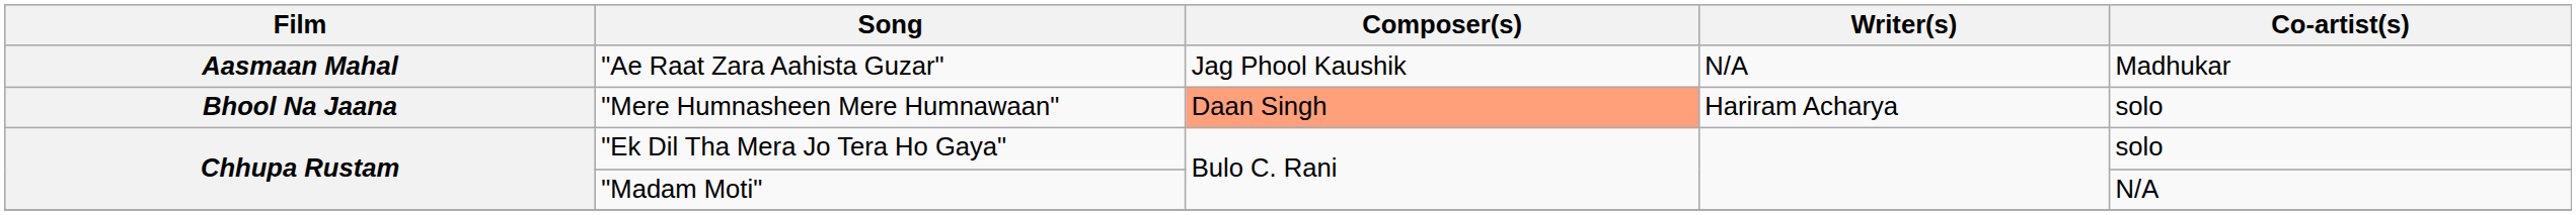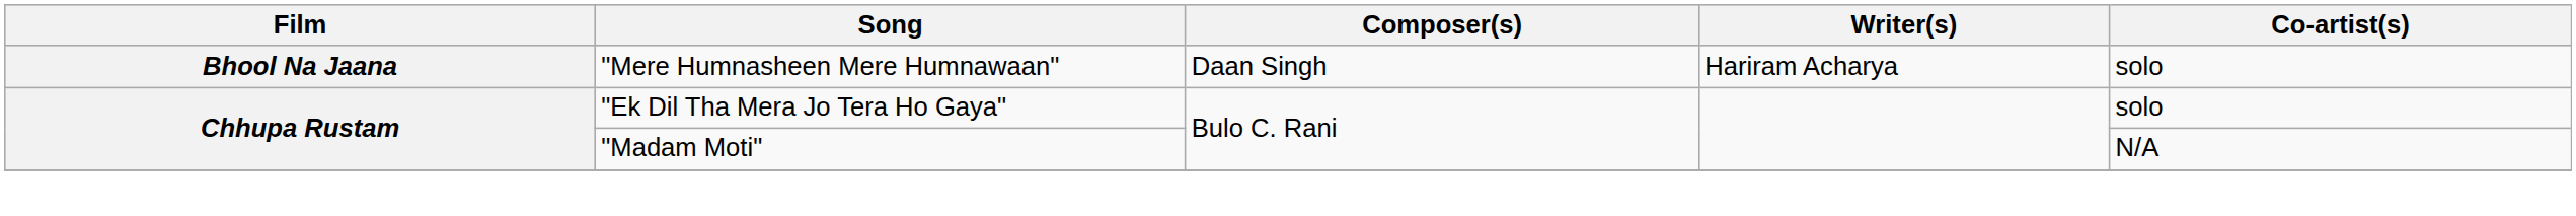 <table class="wikitable plainrowheaders" width="100%" textcolor:#000;">
 <tr style="background:#b0e0e66;">
 <th scope="col" width=23%><strong>Film</strong></th>
 <th scope="col" width=23%><strong>Song</strong></th>
 <th scope="col" width=20%><strong>Composer(s)</strong></th>
 <th scope="col" width=16%><strong>Writer(s)</strong></th>
 <th scope="col" width=18%><strong>Co-artist(s)</strong></th>
 </tr>
 <tr>
-<th><em>Aasmaan Mahal</em></th>
-<td>"Ae Raat Zara Aahista Guzar"</td>
-<td>Jag Phool Kaushik</td>
-<td>N/A</td>
-<td>Madhukar</td>
-</tr>
-<tr>
 <th><em>Bhool Na Jaana</em></th>
 <td>"Mere Humnasheen Mere Humnawaan"</td>
-<td style="background: lightsalmon;">Daan Singh</td>
+<td>Daan Singh</td>
 <td>Hariram Acharya</td>
 <td>solo</td>
 </tr>
 <tr>
 <th rowspan=2><em>Chhupa Rustam</em></th>
 <td>"Ek Dil Tha Mera Jo Tera Ho Gaya"</td>
 <td rowspan=2>Bulo C. Rani</td>
 <td rowspan=2></td>
 <td>solo</td>
 </tr>
 <tr>
 <td>"Madam Moti"</td>
 <td>N/A</td>
 </tr>
 <tr>
 </tr>
 </table>
